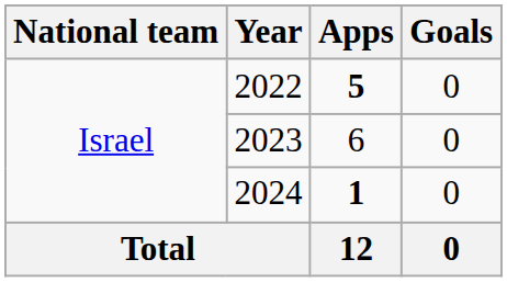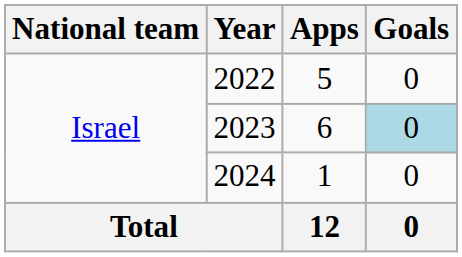 <table class="wikitable" style="text-align:center">
 <tr>
 <th>National team</th>
 <th>Year</th>
 <th>Apps</th>
 <th>Goals</th>
 </tr>
 <tr>
 <td rowspan="3"><a href='#'>Israel</a></td>
 <td>2022</td>
-<td><strong>5</strong></td>
+<td>5</td>
 <td>0</td>
 </tr>
 <tr>
 <td>2023</td>
 <td>6</td>
-<td>0</td>
+<td style="background: lightblue;">0</td>
 </tr>
 <tr>
 <td>2024</td>
-<td><strong>1</strong></td>
+<td>1</td>
 <td>0</td>
 </tr>
 <tr>
 <th colspan="2">Total</th>
 <th>12</th>
 <th>0</th>
 </tr>
 </table>
